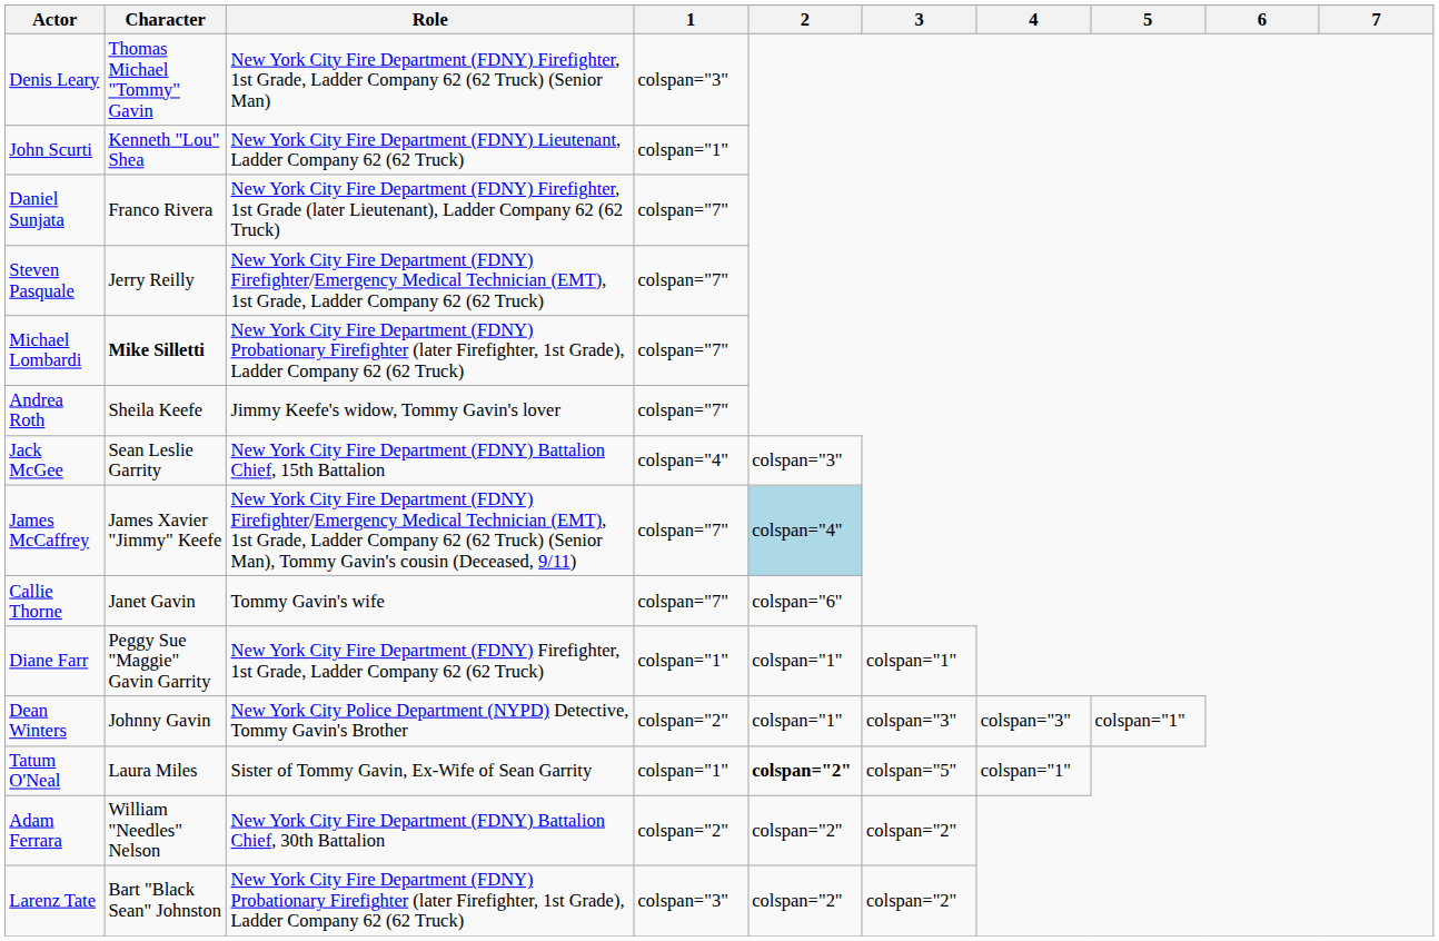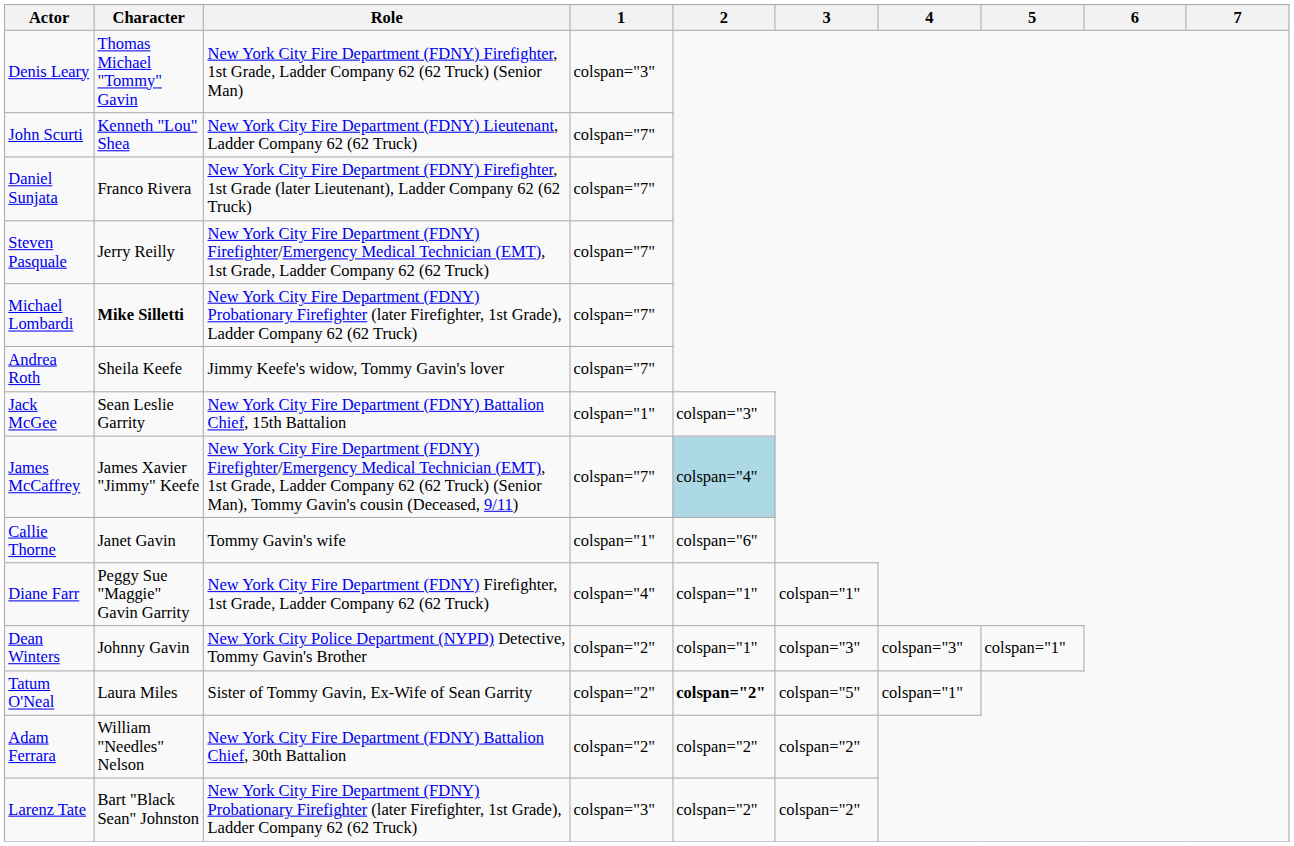 <table class="wikitable">
 <tr>
 <th rowspan="2">Actor</th>
 <th rowspan="2">Character</th>
 <th rowspan="2">Role</th>
 </tr>
 <tr>
 <th style="width:8%;">1</th>
 <th style="width:8%;">2</th>
 <th style="width:8%;">3</th>
 <th style="width:8%;">4</th>
 <th style="width:8%;">5</th>
 <th style="width:8%;">6</th>
 <th style="width:8%;">7</th>
 </tr>
 <tr>
 <td><a href='#'>Denis Leary</a></td>
 <td><a href='#'>Thomas Michael "Tommy" Gavin</a></td>
 <td><a href='#'>New York City Fire Department (FDNY) Firefighter</a>, 1st Grade, Ladder Company 62 (62 Truck) (Senior Man)</td>
 <td>colspan="3" </td>
 </tr>
 <tr>
 <td><a href='#'>John Scurti</a></td>
 <td><a href='#'>Kenneth "Lou" Shea</a></td>
 <td><a href='#'>New York City Fire Department (FDNY) Lieutenant</a>, Ladder Company 62 (62 Truck)</td>
-<td>colspan="1" </td>
+<td>colspan="7" </td>
 </tr>
 <tr>
 <td><a href='#'>Daniel Sunjata</a></td>
 <td>Franco Rivera</td>
 <td><a href='#'>New York City Fire Department (FDNY) Firefighter</a>, 1st Grade (later Lieutenant), Ladder Company 62 (62 Truck)</td>
 <td>colspan="7" </td>
 </tr>
 <tr>
 <td><a href='#'>Steven Pasquale</a></td>
 <td>Jerry Reilly</td>
 <td><a href='#'>New York City Fire Department (FDNY) Firefighter</a>/<a href='#'>Emergency Medical Technician (EMT)</a>, 1st Grade, Ladder Company 62 (62 Truck)</td>
 <td>colspan="7" </td>
 </tr>
 <tr>
 <td><a href='#'>Michael Lombardi</a></td>
 <td><strong>Mike Silletti</strong></td>
 <td><a href='#'>New York City Fire Department (FDNY) Probationary Firefighter</a> (later Firefighter, 1st Grade), Ladder Company 62 (62 Truck)</td>
 <td>colspan="7" </td>
 </tr>
 <tr>
 <td><a href='#'>Andrea Roth</a></td>
 <td>Sheila Keefe</td>
 <td>Jimmy Keefe's widow, Tommy Gavin's lover</td>
 <td>colspan="7" </td>
 </tr>
 <tr>
 <td><a href='#'>Jack McGee</a></td>
 <td>Sean Leslie Garrity</td>
 <td><a href='#'>New York City Fire Department (FDNY) Battalion Chief</a>, 15th Battalion</td>
-<td>colspan="4" </td>
+<td>colspan="1" </td>
 <td>colspan="3" </td>
 </tr>
 <tr>
 <td><a href='#'>James McCaffrey</a></td>
 <td>James Xavier "Jimmy" Keefe</td>
 <td><a href='#'>New York City Fire Department (FDNY) Firefighter</a>/<a href='#'>Emergency Medical Technician (EMT)</a>, 1st Grade, Ladder Company 62 (62 Truck) (Senior Man), Tommy Gavin's cousin (Deceased, <a href='#'>9/11</a>)</td>
 <td>colspan="7" </td>
 <td style="background: lightblue;">colspan="4" </td>
 </tr>
 <tr>
 <td><a href='#'>Callie Thorne</a></td>
 <td>Janet Gavin</td>
 <td>Tommy Gavin's wife</td>
-<td>colspan="7" </td>
+<td>colspan="1" </td>
 <td>colspan="6" </td>
 </tr>
 <tr>
 <td><a href='#'>Diane Farr</a></td>
 <td>Peggy Sue "Maggie" Gavin Garrity</td>
 <td><a href='#'>New York City Fire Department (FDNY)</a> Firefighter, 1st Grade, Ladder Company 62 (62 Truck)</td>
-<td>colspan="1" </td>
+<td>colspan="4" </td>
 <td>colspan="1" </td>
 <td>colspan="1" </td>
 </tr>
 <tr>
 <td><a href='#'>Dean Winters</a></td>
 <td>Johnny Gavin</td>
 <td><a href='#'>New York City Police Department (NYPD)</a> Detective, Tommy Gavin's Brother</td>
 <td>colspan="2" </td>
 <td>colspan="1" </td>
 <td>colspan="3" </td>
 <td>colspan="3" </td>
 <td>colspan="1" </td>
 </tr>
 <tr>
 <td><a href='#'>Tatum O'Neal</a></td>
 <td>Laura Miles</td>
 <td>Sister of Tommy Gavin, Ex-Wife of Sean Garrity</td>
-<td>colspan="1" </td>
+<td>colspan="2" </td>
 <td><strong>colspan="2" </strong></td>
 <td>colspan="5" </td>
 <td>colspan="1" </td>
 </tr>
 <tr>
 <td><a href='#'>Adam Ferrara</a></td>
 <td>William "Needles" Nelson</td>
 <td><a href='#'>New York City Fire Department (FDNY) Battalion Chief</a>, 30th Battalion</td>
 <td>colspan="2" </td>
 <td>colspan="2" </td>
 <td>colspan="2" </td>
 </tr>
 <tr>
 <td><a href='#'>Larenz Tate</a></td>
 <td>Bart "Black Sean" Johnston</td>
 <td><a href='#'>New York City Fire Department (FDNY) Probationary Firefighter</a> (later Firefighter, 1st Grade), Ladder Company 62 (62 Truck)</td>
 <td>colspan="3" </td>
 <td>colspan="2" </td>
 <td>colspan="2" </td>
 </tr>
 </table>
